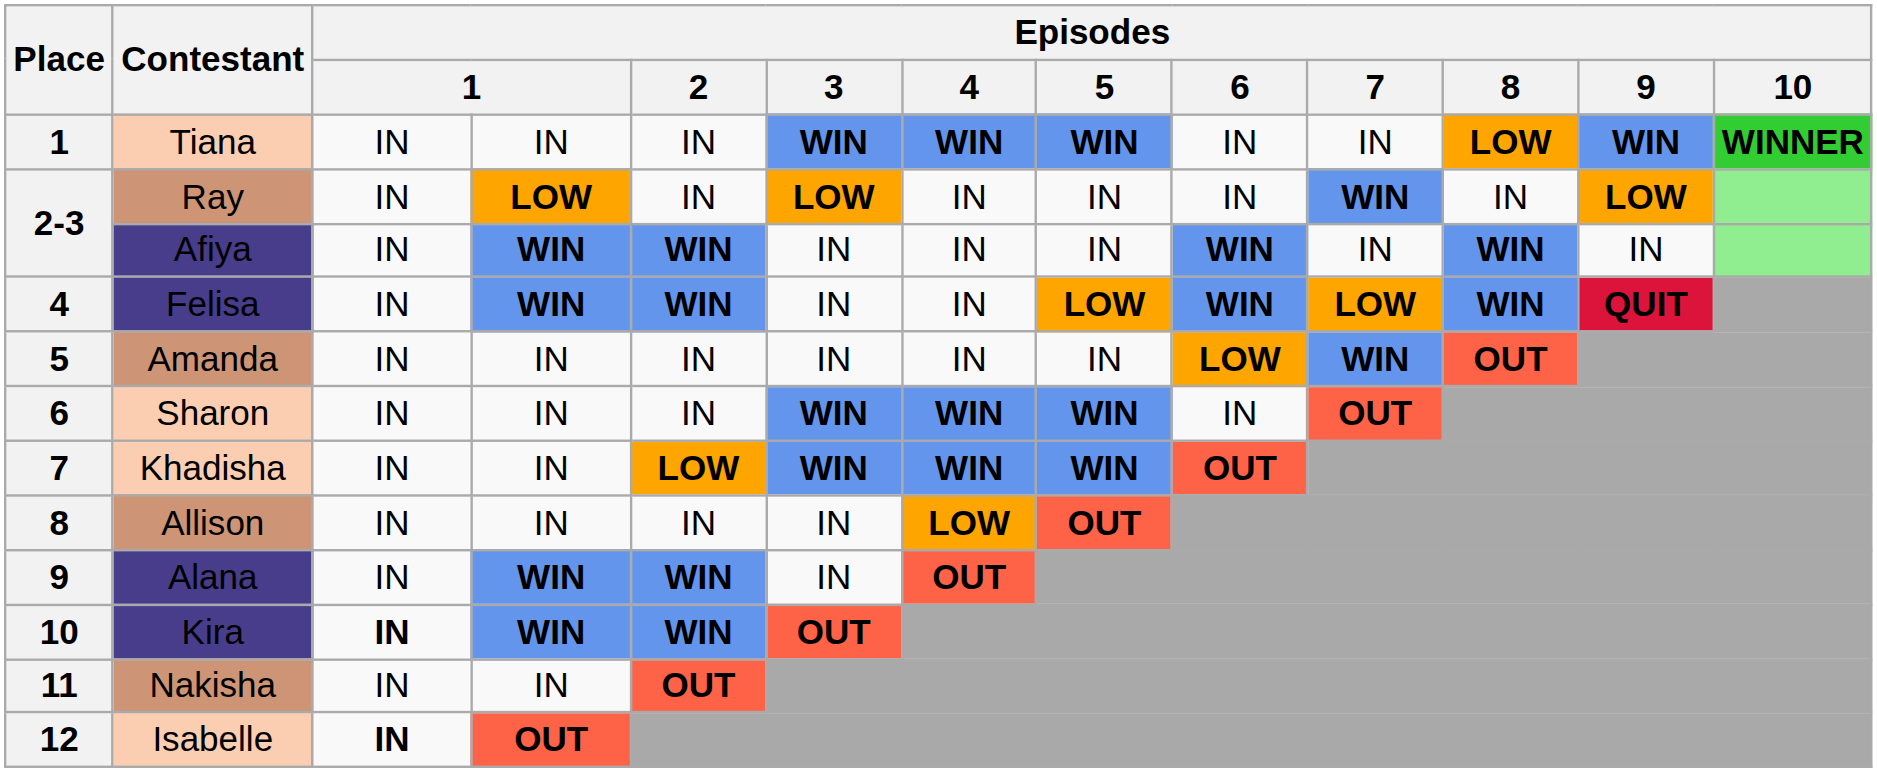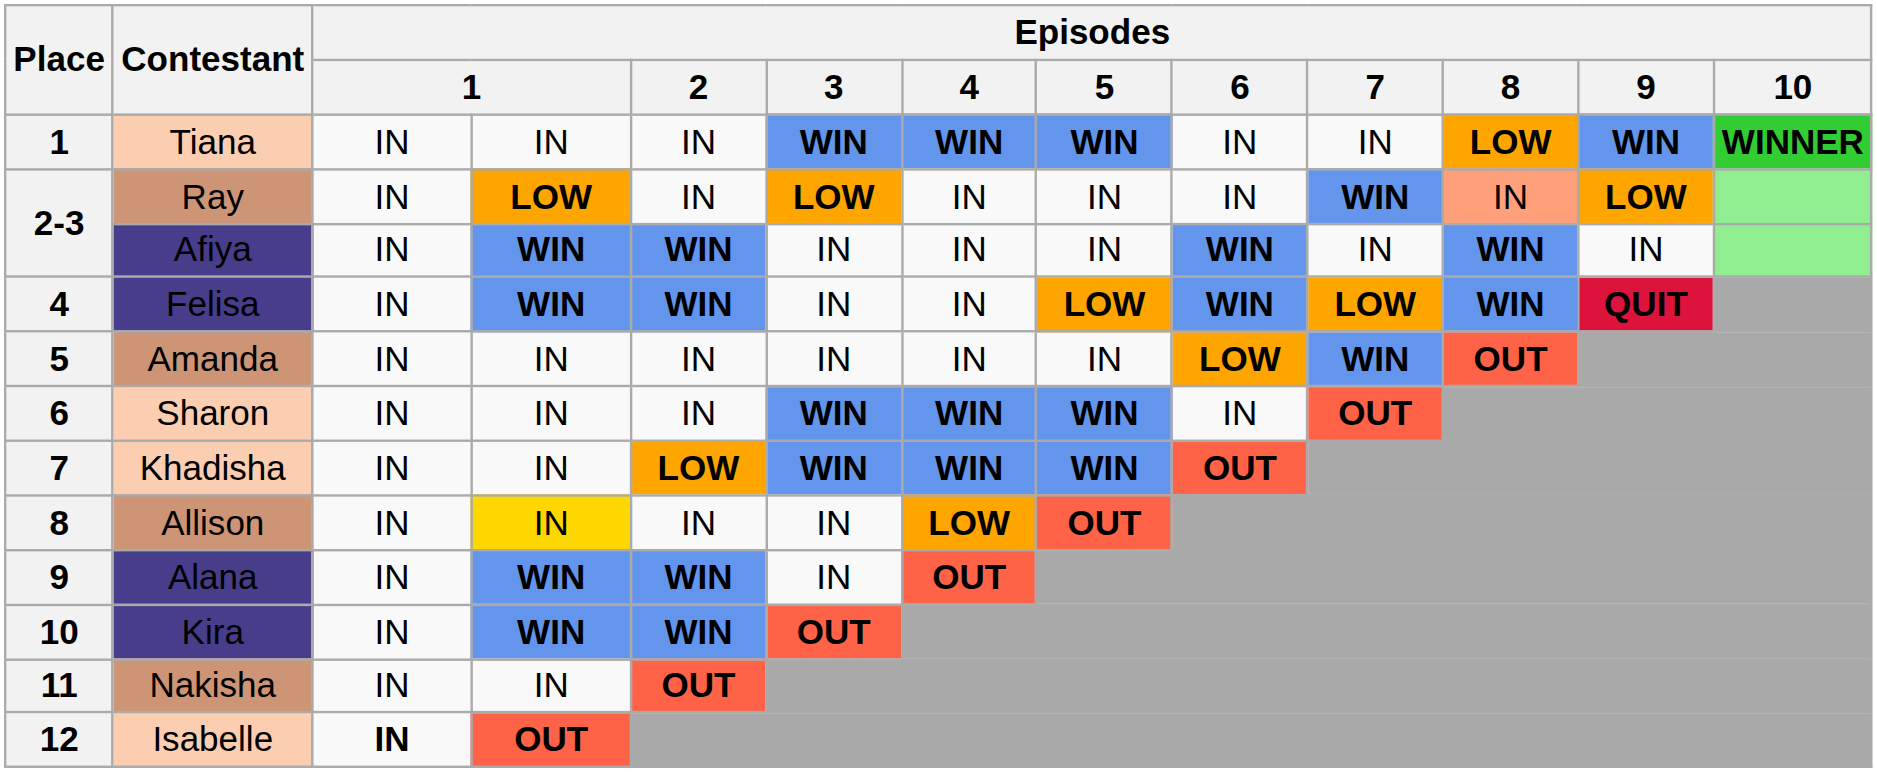 <table class="wikitable" style="text-align:center; font-size:92%">
 <tr>
 <th rowspan="2">Place</th>
 <th rowspan=2>Contestant</th>
 <th colspan=11>Episodes</th>
 </tr>
 <tr>
 <th colspan=2 style="width:50px;">1</th>
 <th style="width:50px;">2</th>
 <th style="width:50px;">3</th>
 <th style="width:50px;">4</th>
 <th style="width:50px;">5</th>
 <th style="width:50px;">6</th>
 <th style="width:50px;">7</th>
 <th style="width:50px;">8</th>
 <th style="width:50px;">9</th>
 <th style="width:50px;">10</th>
 </tr>
 <tr>
 <th>1</th>
 <td style="background:#FBCEB1;">Tiana</td>
 <td>IN</td>
 <td>IN</td>
 <td>IN</td>
 <td style="background:cornflowerblue;"><strong>WIN</strong></td>
 <td style="background:cornflowerblue;"><strong>WIN</strong></td>
 <td style="background:cornflowerblue;"><strong>WIN</strong></td>
 <td>IN</td>
 <td>IN</td>
 <td style="background:orange;"><strong>LOW</strong></td>
 <td style="background:cornflowerblue;"><strong>WIN</strong></td>
 <td style="background:limegreen;"><strong>WINNER</strong></td>
 </tr>
 <tr>
 <th rowspan="2">2-3</th>
 <td style="background:#CD9575;">Ray</td>
 <td>IN</td>
 <td style="background:orange;"><strong>LOW</strong></td>
 <td>IN</td>
 <td style="background:orange;"><strong>LOW</strong></td>
 <td>IN</td>
 <td>IN</td>
 <td>IN</td>
 <td style="background:cornflowerblue;"><strong>WIN</strong></td>
-<td>IN</td>
+<td style="background: lightsalmon;">IN</td>
 <td style="background:orange;"><strong>LOW</strong></td>
 <td style="background:lightgreen;"></td>
 </tr>
 <tr>
 <td style="background:#483d8b;"><span>Afiya</span></td>
 <td>IN</td>
 <td style="background:cornflowerblue;"><strong>WIN</strong></td>
 <td style="background:cornflowerblue;"><strong>WIN</strong></td>
 <td>IN</td>
 <td>IN</td>
 <td>IN</td>
 <td style="background:cornflowerblue;"><strong>WIN</strong></td>
 <td>IN</td>
 <td style="background:cornflowerblue;"><strong>WIN</strong></td>
 <td>IN</td>
 <td style="background:lightgreen;"></td>
 </tr>
 <tr>
 <th>4</th>
 <td style="background:#483d8b;"><span>Felisa</span></td>
 <td>IN</td>
 <td style="background:cornflowerblue;"><strong>WIN</strong></td>
 <td style="background:cornflowerblue;"><strong>WIN</strong></td>
 <td>IN</td>
 <td>IN</td>
 <td style="background:orange;"><strong>LOW</strong></td>
 <td style="background:cornflowerblue;"><strong>WIN</strong></td>
 <td style="background:orange;"><strong>LOW</strong></td>
 <td style="background:cornflowerblue;"><strong>WIN</strong></td>
 <td style="background:crimson;"><span><strong>QUIT</strong></span></td>
 <td style="background:darkgrey;" colspan="1"></td>
 </tr>
 <tr>
 <th>5</th>
 <td style="background:#CD9575;">Amanda</td>
 <td>IN</td>
 <td>IN</td>
 <td>IN</td>
 <td>IN</td>
 <td>IN</td>
 <td>IN</td>
 <td style="background:orange;"><strong>LOW</strong></td>
 <td style="background:cornflowerblue;"><strong>WIN</strong></td>
 <td style="background:tomato;"><strong>OUT</strong></td>
 <td style="background:darkgrey;" colspan="2"></td>
 </tr>
 <tr>
 <th>6</th>
 <td style="background:#FBCEB1;">Sharon</td>
 <td>IN</td>
 <td>IN</td>
 <td>IN</td>
 <td style="background:cornflowerblue;"><strong>WIN</strong></td>
 <td style="background:cornflowerblue;"><strong>WIN</strong></td>
 <td style="background:cornflowerblue;"><strong>WIN</strong></td>
 <td>IN</td>
 <td style="background:tomato;"><strong>OUT</strong></td>
 <td style="background:darkgrey;" colspan="3"></td>
 </tr>
 <tr>
 <th>7</th>
 <td style="background:#FBCEB1;">Khadisha</td>
 <td>IN</td>
 <td>IN</td>
 <td style="background:orange;"><strong>LOW</strong></td>
 <td style="background:cornflowerblue;"><strong>WIN</strong></td>
 <td style="background:cornflowerblue;"><strong>WIN</strong></td>
 <td style="background:cornflowerblue;"><strong>WIN</strong></td>
 <td style="background:tomato;"><strong>OUT</strong></td>
 <td style="background:darkgrey;" colspan="4"></td>
 </tr>
 <tr>
 <th>8</th>
 <td style="background:#CD9575;">Allison</td>
 <td>IN</td>
-<td>IN</td>
+<td style="background: gold;">IN</td>
 <td>IN</td>
 <td>IN</td>
 <td style="background:orange;"><strong>LOW</strong></td>
 <td style="background:tomato;"><strong>OUT</strong></td>
 <td style="background:darkgrey;" colspan="5"></td>
 </tr>
 <tr>
 <th>9</th>
 <td style="background:#483d8b;"><span>Alana</span></td>
 <td>IN</td>
 <td style="background:cornflowerblue;"><strong>WIN</strong></td>
 <td style="background:cornflowerblue;"><strong>WIN</strong></td>
 <td>IN</td>
 <td style="background:tomato;"><strong>OUT</strong></td>
 <td style="background:darkgrey;" colspan="6"></td>
 </tr>
 <tr>
 <th>10</th>
 <td style="background:#483d8b;"><span>Kira</span></td>
-<td><strong>IN</strong></td>
+<td>IN</td>
 <td style="background:cornflowerblue;"><strong>WIN</strong></td>
 <td style="background:cornflowerblue;"><strong>WIN</strong></td>
 <td style="background:tomato;"><strong>OUT</strong></td>
 <td style="background:darkgrey;" colspan="7"></td>
 </tr>
 <tr>
 <th>11</th>
 <td style="background:#CD9575;">Nakisha</td>
 <td>IN</td>
 <td>IN</td>
 <td style="background:tomato;"><strong>OUT</strong></td>
 <td style="background:darkgrey;" colspan="8"></td>
 </tr>
 <tr>
 <th>12</th>
 <td style="background:#FBCEB1;">Isabelle</td>
 <td width="60"><strong>IN</strong></td>
 <td width="60" style="background:tomato;"><strong>OUT</strong></td>
 <td style="background:darkgrey;" colspan="9"></td>
 </tr>
 </table>
